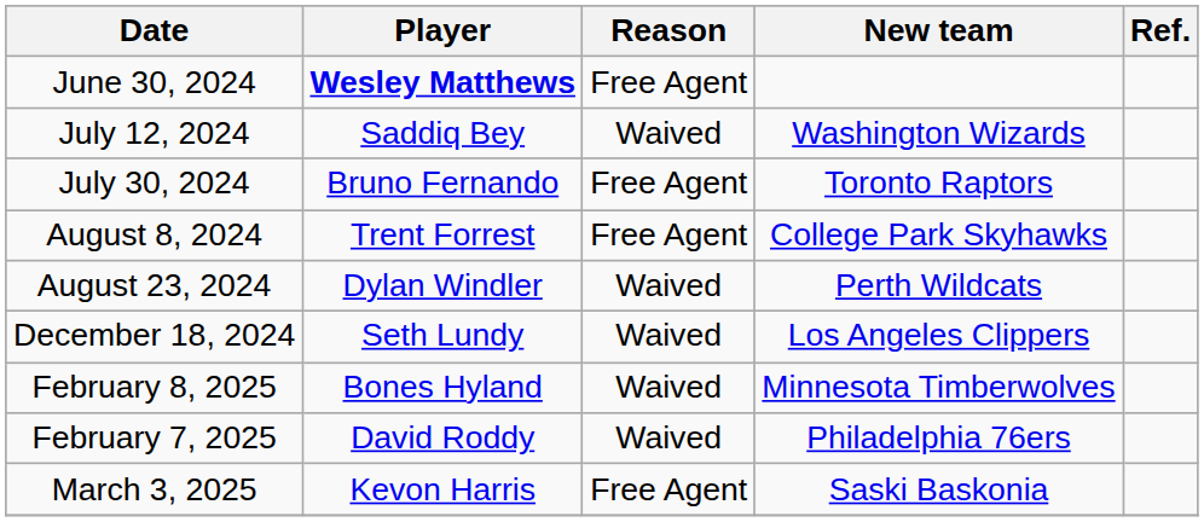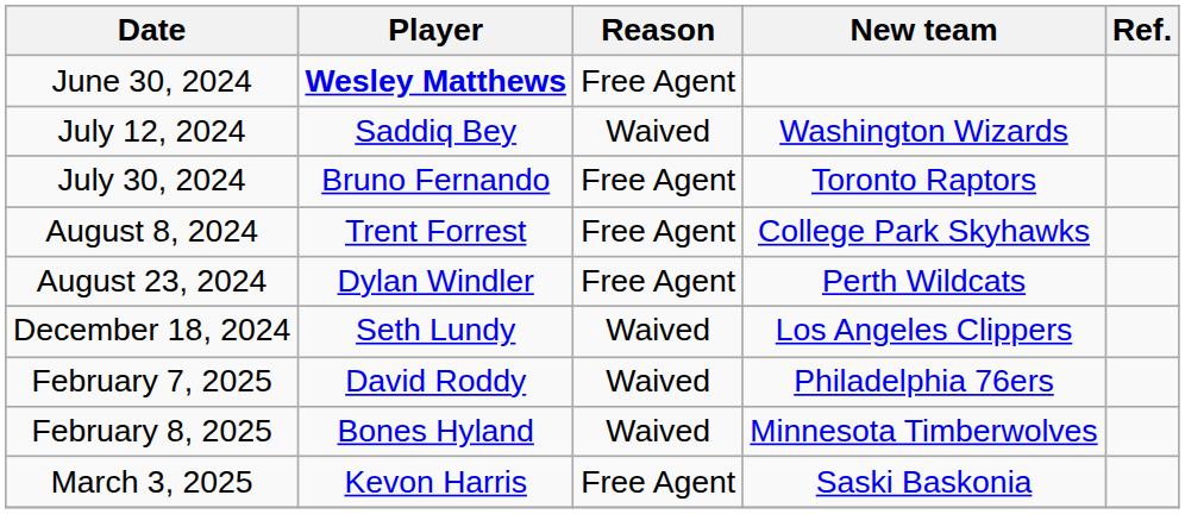 <table class="wikitable sortable sortable" style="text-align: center">
 <tr>
 <th>Date</th>
 <th>Player</th>
 <th>Reason</th>
 <th>New team</th>
 <th>Ref.</th>
 </tr>
 <tr>
 <td>June 30, 2024</td>
 <td><strong><a href='#'>Wesley Matthews</a></strong></td>
 <td>Free Agent</td>
 <td></td>
 <td></td>
 </tr>
 <tr>
 <td>July 12, 2024</td>
 <td><a href='#'>Saddiq Bey</a></td>
 <td>Waived</td>
 <td><a href='#'>Washington Wizards</a></td>
 <td></td>
 </tr>
 <tr>
 <td>July 30, 2024</td>
 <td><a href='#'>Bruno Fernando</a></td>
 <td>Free Agent</td>
 <td><a href='#'>Toronto Raptors</a></td>
 <td></td>
 </tr>
 <tr>
 <td>August 8, 2024</td>
 <td><a href='#'>Trent Forrest</a></td>
 <td>Free Agent</td>
 <td><a href='#'>College Park Skyhawks</a></td>
 <td></td>
 </tr>
 <tr>
 <td>August 23, 2024</td>
 <td><a href='#'>Dylan Windler</a></td>
-<td>Waived</td>
+<td>Free Agent</td>
 <td> <a href='#'>Perth Wildcats</a></td>
 <td></td>
 </tr>
 <tr>
 <td>December 18, 2024</td>
 <td><a href='#'>Seth Lundy</a></td>
 <td>Waived</td>
 <td><a href='#'>Los Angeles Clippers</a></td>
 <td></td>
 </tr>
 <tr>
+<td>February 7, 2025</td>
+<td><a href='#'>David Roddy</a></td>
+<td>Waived</td>
+<td><a href='#'>Philadelphia 76ers</a></td>
+<td></td>
+</tr>
+<tr>
 <td>February 8, 2025</td>
 <td><a href='#'>Bones Hyland</a></td>
 <td>Waived</td>
 <td><a href='#'>Minnesota Timberwolves</a></td>
-<td></td>
-</tr>
-<tr>
-<td>February 7, 2025</td>
-<td><a href='#'>David Roddy</a></td>
-<td>Waived</td>
-<td><a href='#'>Philadelphia 76ers</a></td>
 <td></td>
 </tr>
 <tr>
 <td>March 3, 2025</td>
 <td><a href='#'>Kevon Harris</a></td>
 <td>Free Agent</td>
 <td> <a href='#'>Saski Baskonia</a></td>
 <td></td>
 </tr>
 <tr>
 </tr>
 </table>
